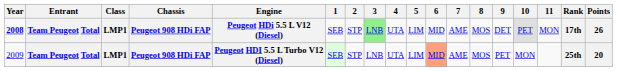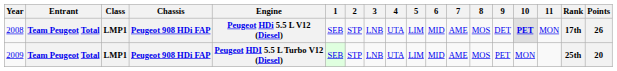 <table class="wikitable" style="text-align:center; font-size:85%">
 <tr>
 <th>Year</th>
 <th>Entrant</th>
 <th>Class</th>
 <th>Chassis</th>
 <th>Engine</th>
 <th>1</th>
 <th>2</th>
 <th>3</th>
 <th>4</th>
 <th>5</th>
 <th>6</th>
 <th>7</th>
 <th>8</th>
 <th>9</th>
 <th>10</th>
 <th>11</th>
 <th>Rank</th>
 <th>Points</th>
 </tr>
 <tr>
-<td><strong><a href='#'>2008</a></strong></td>
+<td><a href='#'>2008</a></td>
 <th nowrap><a href='#'>Team Peugeot</a> <a href='#'>Total</a></th>
 <th nowrap>LMP1</th>
 <th nowrap><a href='#'>Peugeot 908 HDi FAP</a></th>
 <th nowrap><a href='#'>Peugeot</a> <a href='#'>HDi</a> 5.5 L V12<br>(<a href='#'>Diesel</a>)</th>
 <td><a href='#'>SEB</a></td>
 <td><a href='#'>STP</a></td>
-<td style="background: lightgreen;"><a href='#'>LNB</a></td>
+<td><a href='#'>LNB</a></td>
 <td><a href='#'>UTA</a></td>
 <td><a href='#'>LIM</a></td>
 <td><a href='#'>MID</a></td>
 <td><a href='#'>AME</a></td>
 <td><a href='#'>MOS</a></td>
 <td><a href='#'>DET</a></td>
-<td style="background:#DFDFDF;"><a href='#'>PET</a><br></td>
+<td style="background:#DFDFDF;"><strong><a href='#'>PET</a><br></strong></td>
 <td><a href='#'>MON</a></td>
 <th>17th</th>
 <th>26</th>
 </tr>
 <tr>
 <td><a href='#'>2009</a></td>
 <th nowrap><a href='#'>Team Peugeot</a> <a href='#'>Total</a></th>
 <th nowrap>LMP1</th>
 <th nowrap><a href='#'>Peugeot 908 HDi FAP</a></th>
 <th nowrap><a href='#'>Peugeot</a> <a href='#'>HDI</a> 5.5 L Turbo V12<br>(<a href='#'>Diesel</a>)</th>
 <td style="background:#DFFFDF;"><a href='#'>SEB</a><br></td>
 <td><a href='#'>STP</a></td>
 <td><a href='#'>LNB</a></td>
 <td><a href='#'>UTA</a></td>
 <td><a href='#'>LIM</a></td>
-<td style="background: lightsalmon;"><a href='#'>MID</a></td>
+<td><a href='#'>MID</a></td>
 <td><a href='#'>AME</a></td>
 <td><a href='#'>MOS</a></td>
 <td><a href='#'>PET</a></td>
 <td><a href='#'>MON</a></td>
 <td></td>
 <th>25th</th>
 <th>20</th>
 </tr>
 </table>
